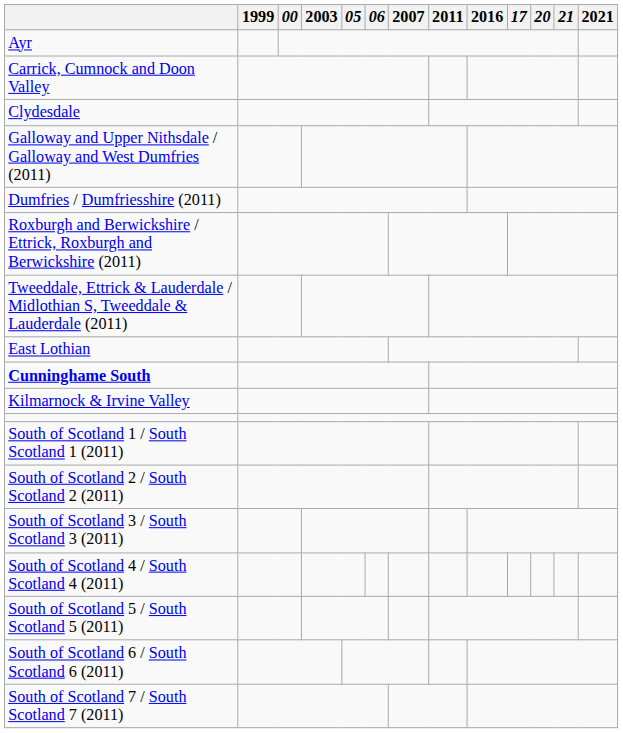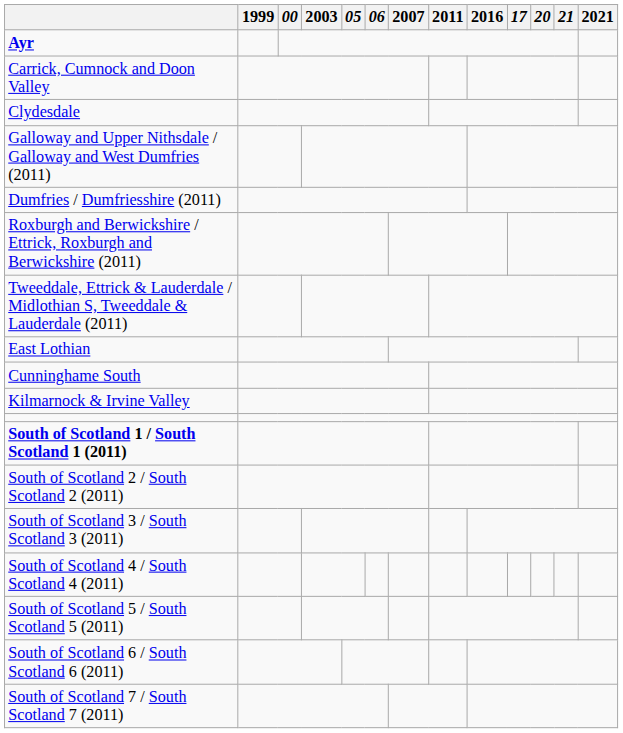 <table class="wikitable">
 <tr>
 <th></th>
 <th>1999</th>
 <th><em>00</em></th>
 <th>2003</th>
 <th><em>05</em></th>
 <th><em>06</em></th>
 <th>2007</th>
 <th>2011</th>
 <th>2016</th>
 <th><em>17</em></th>
 <th><em>20</em></th>
 <th><em>21</em></th>
 <th>2021</th>
 </tr>
 <tr>
-<td><a href='#'>Ayr</a></td>
+<td><strong><a href='#'>Ayr</a></strong></td>
 <td><a href='#'></a></td>
 <td colspan="10"><a href='#'></a></td>
 <td><a href='#'></a></td>
 </tr>
 <tr>
 <td><a href='#'>Carrick, Cumnock and Doon Valley</a></td>
 <td colspan="6"><a href='#'></a></td>
 <td><a href='#'></a></td>
 <td colspan="4"><a href='#'></a></td>
 <td><a href='#'></a></td>
 </tr>
 <tr>
 <td><a href='#'>Clydesdale</a></td>
 <td colspan="6"><a href='#'></a></td>
 <td colspan="5"><a href='#'></a></td>
 <td><a href='#'></a></td>
 </tr>
 <tr>
 <td><a href='#'>Galloway and Upper Nithsdale</a> / <a href='#'>Galloway and West Dumfries</a> (2011)</td>
 <td colspan="2"><a href='#'></a></td>
 <td colspan="5"><a href='#'></a></td>
 <td colspan="5"><a href='#'></a></td>
 </tr>
 <tr>
 <td><a href='#'>Dumfries</a> / <a href='#'>Dumfriesshire</a> (2011)</td>
 <td colspan="7"><a href='#'></a></td>
 <td colspan="5"><a href='#'></a></td>
 </tr>
 <tr>
 <td><a href='#'>Roxburgh and Berwickshire</a> / <a href='#'>Ettrick, Roxburgh and Berwickshire</a> (2011)</td>
 <td colspan="5"><a href='#'></a></td>
 <td colspan="3"><a href='#'></a></td>
 <td colspan="4"><a href='#'></a></td>
 </tr>
 <tr>
 <td><a href='#'>Tweeddale, Ettrick & Lauderdale</a> / <a href='#'>Midlothian S, Tweeddale & Lauderdale</a> (2011)</td>
 <td colspan="2"><a href='#'></a></td>
 <td colspan="4"><a href='#'></a></td>
 <td colspan="6"><a href='#'></a></td>
 </tr>
 <tr>
 <td><a href='#'>East Lothian</a></td>
 <td colspan="5"><a href='#'></a></td>
 <td colspan="6"><a href='#'></a></td>
 <td><a href='#'></a></td>
 </tr>
 <tr>
-<td><strong><a href='#'>Cunninghame South</a></strong></td>
+<td><a href='#'>Cunninghame South</a></td>
 <td colspan="6"><a href='#'></a></td>
 <td colspan="6"></td>
 </tr>
 <tr>
 <td><a href='#'>Kilmarnock & Irvine Valley</a></td>
 <td colspan="6"></td>
 <td colspan="6"><a href='#'></a></td>
 </tr>
 <tr>
 <td></td>
 <td colspan="12"></td>
 </tr>
 <tr>
-<td><a href='#'>South of Scotland</a> 1 / <a href='#'>South Scotland</a> 1 (2011)</td>
+<td><strong><a href='#'>South of Scotland</a> 1 / <a href='#'>South Scotland</a> 1 (2011)</strong></td>
 <td colspan="6"><a href='#'></a></td>
 <td colspan="5"><a href='#'></a></td>
 <td><a href='#'></a></td>
 </tr>
 <tr>
 <td><a href='#'>South of Scotland</a> 2 / <a href='#'>South Scotland</a> 2 (2011)</td>
 <td colspan="6"><a href='#'></a></td>
 <td colspan="5"><a href='#'></a></td>
 <td><a href='#'></a></td>
 </tr>
 <tr>
 <td><a href='#'>South of Scotland</a> 3 / <a href='#'>South Scotland</a> 3 (2011)</td>
 <td colspan="2"><a href='#'></a></td>
 <td colspan="4"><a href='#'></a></td>
 <td colspan="1"><a href='#'></a></td>
 <td colspan="5"><a href='#'></a></td>
 </tr>
 <tr>
 <td><a href='#'>South of Scotland</a> 4 / <a href='#'>South Scotland</a> 4 (2011)</td>
 <td colspan="2"><a href='#'></a></td>
 <td colspan="2"><a href='#'></a></td>
 <td><a href='#'></a></td>
 <td><a href='#'></a></td>
 <td><a href='#'></a></td>
 <td><a href='#'></a></td>
 <td><a href='#'></a></td>
 <td><a href='#'></a></td>
 <td><a href='#'></a></td>
 <td><a href='#'></a></td>
 </tr>
 <tr>
 <td><a href='#'>South of Scotland</a> 5 / <a href='#'>South Scotland</a> 5 (2011)</td>
 <td colspan="2"><a href='#'></a></td>
 <td colspan="3"><a href='#'></a></td>
 <td><a href='#'></a></td>
 <td colspan="5"><a href='#'></a></td>
 <td><a href='#'></a></td>
 </tr>
 <tr>
 <td><a href='#'>South of Scotland</a> 6 / <a href='#'>South Scotland</a> 6 (2011)</td>
 <td colspan="3"><a href='#'></a></td>
 <td colspan="3"><a href='#'></a></td>
 <td><a href='#'></a></td>
 <td colspan="5"><a href='#'></a></td>
 </tr>
 <tr>
 <td><a href='#'>South of Scotland</a> 7 / <a href='#'>South Scotland</a> 7 (2011)</td>
 <td colspan="5"><a href='#'></a></td>
 <td colspan="2"><a href='#'></a></td>
 <td colspan="5"><a href='#'></a></td>
 </tr>
 </table>
